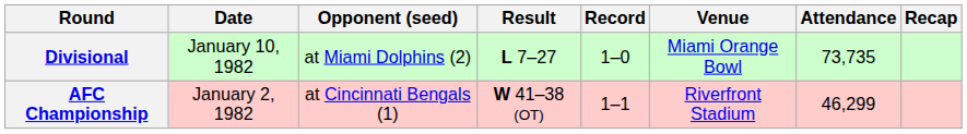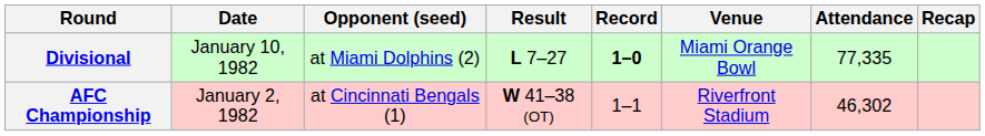 <table class="wikitable" style="text-align:center">
 <tr>
 <th>Round</th>
 <th>Date</th>
 <th>Opponent (seed)</th>
 <th>Result</th>
 <th>Record</th>
 <th>Venue</th>
 <th>Attendance</th>
 <th>Recap</th>
 </tr>
 <tr style="background:#cfc">
 <th><a href='#'>Divisional</a></th>
 <td>January 10, 1982</td>
 <td>at <a href='#'>Miami Dolphins</a> (2)</td>
 <td><strong>L</strong> 7–27</td>
-<td>1–0</td>
+<td><strong>1–0</strong></td>
 <td><a href='#'>Miami Orange Bowl</a></td>
-<td>73,735</td>
+<td>77,335</td>
 <td></td>
 </tr>
 <tr style="background:#fcc">
 <th><a href='#'>AFC Championship</a></th>
 <td>January 2, 1982</td>
 <td>at <a href='#'>Cincinnati Bengals</a> (1)</td>
 <td><strong>W</strong> 41–38 <small>(OT)</small></td>
 <td>1–1</td>
 <td><a href='#'>Riverfront Stadium</a></td>
-<td>46,299</td>
+<td>46,302</td>
 <td></td>
 </tr>
 </table>
